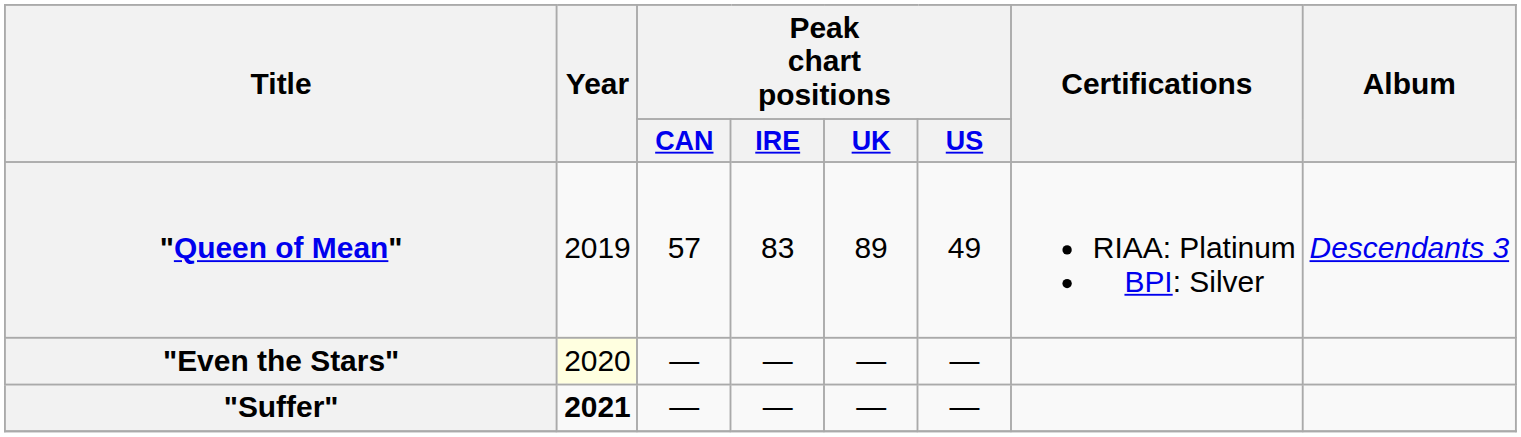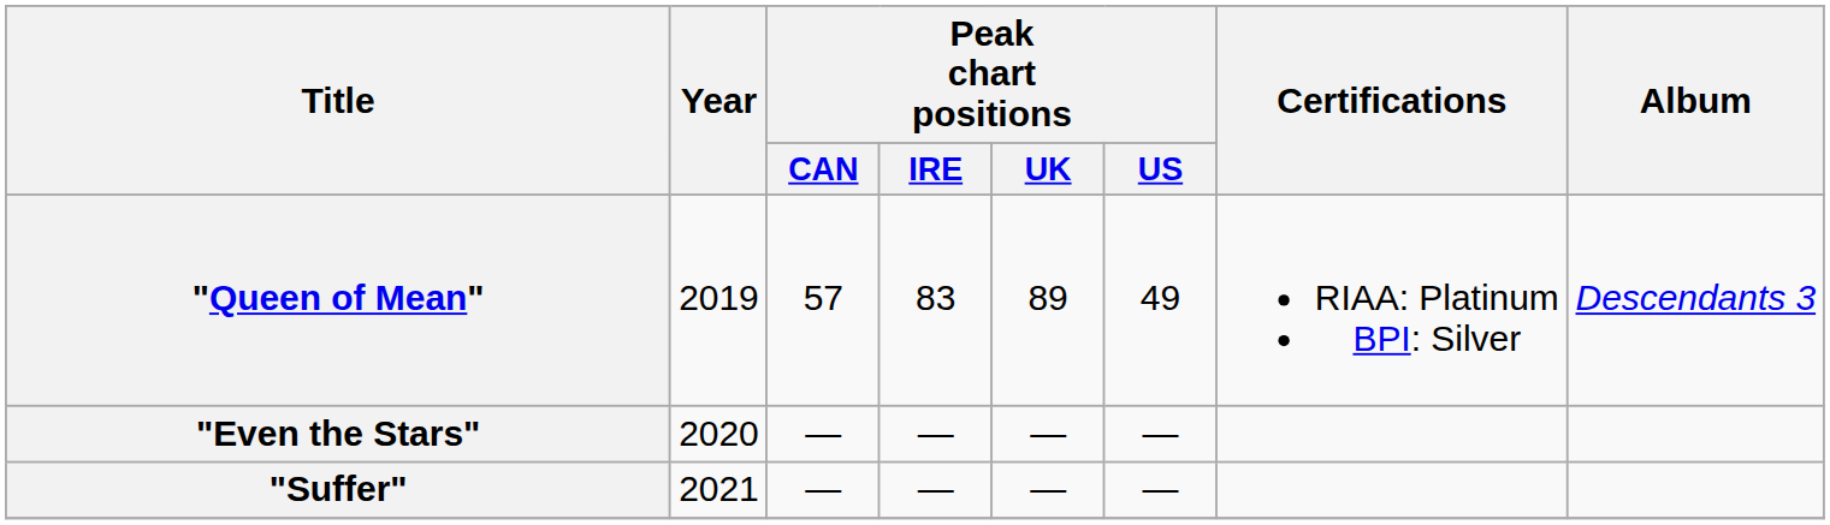 <table class="wikitable plainrowheaders" style="text-align:center">
 <tr>
 <th scope="col" rowspan="2" style="width:18em;">Title</th>
 <th scope="col" rowspan="2">Year</th>
 <th scope="col" colspan="4">Peak<br>chart<br>positions</th>
 <th scope="col" rowspan="2">Certifications</th>
 <th scope="col" rowspan="2">Album</th>
 </tr>
 <tr>
 <th scope="col" style="width:3em;font-size:90%;"><a href='#'>CAN</a><br></th>
 <th scope="col" style="width:3em;font-size:90%;"><a href='#'>IRE</a><br></th>
 <th scope="col" style="width:3em;font-size:90%;"><a href='#'>UK</a><br></th>
 <th scope="col" style="width:3em;font-size:90%;"><a href='#'>US</a><br></th>
 </tr>
 <tr>
 <th scope="row">"<a href='#'>Queen of Mean</a>"</th>
 <td>2019</td>
 <td>57</td>
 <td>83</td>
 <td>89</td>
 <td>49</td>
 <td><br><ul><li>RIAA: Platinum</li><li><a href='#'>BPI</a>: Silver</li></ul></td>
 <td><em><a href='#'>Descendants 3</a></em></td>
 </tr>
 <tr>
 <th scope="row">"Even the Stars"</th>
-<td style="background: lightyellow;">2020</td>
+<td>2020</td>
 <td>—</td>
 <td>—</td>
 <td>—</td>
 <td>—</td>
 <td></td>
 <td></td>
 </tr>
 <tr>
 <th scope="row">"Suffer"</th>
-<td><strong>2021</strong></td>
+<td>2021</td>
 <td>—</td>
 <td>—</td>
 <td>—</td>
 <td>—</td>
 <td></td>
 <td></td>
 </tr>
 <tr>
 </tr>
 </table>
